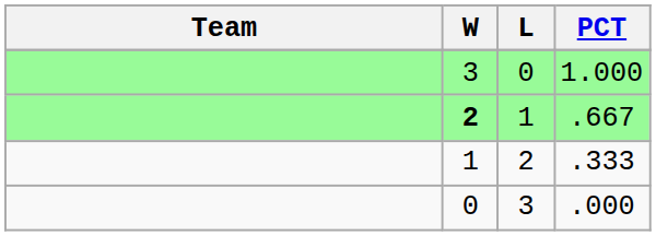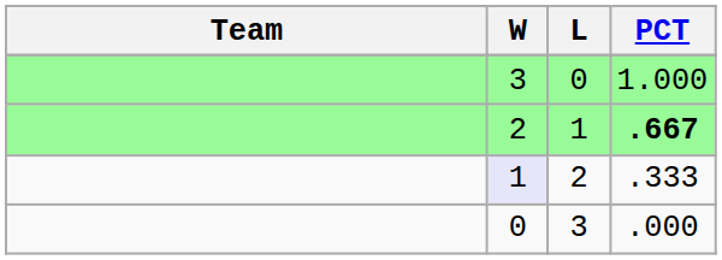 <table class="wikitable" style="text-align:center;">
 <tr>
 <th width=200px>Team</th>
 <th width=20px>W</th>
 <th width=20px>L</th>
 <th width=30px><a href='#'>PCT</a></th>
 </tr>
 <tr>
 </tr>
 <tr bgcolor=#98fb98>
 <td align=left></td>
 <td>3</td>
 <td>0</td>
 <td>1.000</td>
 </tr>
 <tr bgcolor=#98fb98>
 <td align=left></td>
-<td><strong>2</strong></td>
+<td>2</td>
 <td>1</td>
-<td>.667</td>
+<td><strong>.667</strong></td>
 </tr>
 <tr>
 <td align=left></td>
-<td>1</td>
+<td style="background: lavender;">1</td>
 <td>2</td>
 <td>.333</td>
 </tr>
 <tr>
 <td align=left></td>
 <td>0</td>
 <td>3</td>
 <td>.000</td>
 </tr>
 </table>
